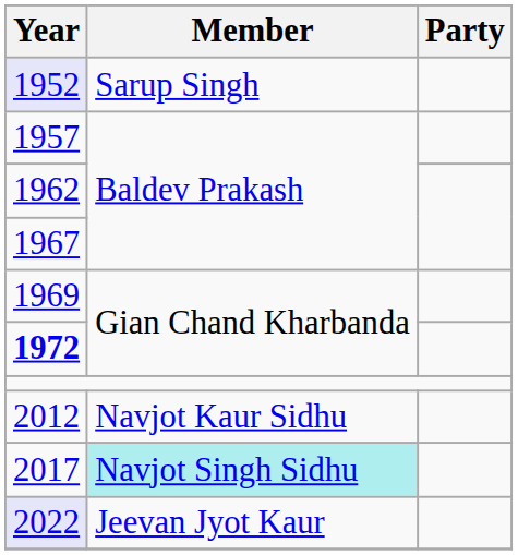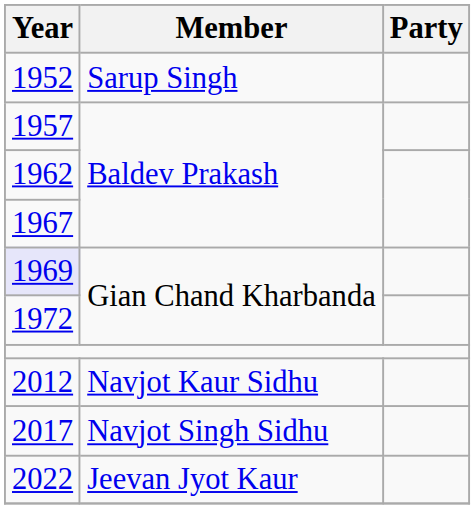 <table class ="wikitable">
 <tr>
 <th>Year</th>
 <th>Member</th>
 <th colspan=2>Party</th>
 </tr>
 <tr>
-<td style="background: lavender;"><a href='#'>1952</a></td>
+<td><a href='#'>1952</a></td>
 <td><a href='#'>Sarup Singh</a></td>
 <td></td>
 </tr>
 <tr>
 <td><a href='#'>1957</a></td>
 <td rowspan="3"><a href='#'>Baldev Prakash</a></td>
 <td></td>
 </tr>
 <tr>
 <td><a href='#'>1962</a></td>
 </tr>
 <tr>
 <td><a href='#'>1967</a></td>
 </tr>
 <tr>
-<td><a href='#'>1969</a></td>
+<td style="background: lavender;"><a href='#'>1969</a></td>
 <td rowspan="2">Gian Chand Kharbanda</td>
 <td></td>
 </tr>
 <tr>
-<td><strong><a href='#'>1972</a></strong></td>
+<td><a href='#'>1972</a></td>
 </tr>
 <tr>
 <td colspan="4"></td>
 </tr>
 <tr>
 <td><a href='#'>2012</a></td>
 <td><a href='#'>Navjot Kaur Sidhu</a></td>
 <td></td>
 </tr>
 <tr>
 <td><a href='#'>2017</a></td>
-<td style="background: paleturquoise;"><a href='#'>Navjot Singh Sidhu</a></td>
+<td><a href='#'>Navjot Singh Sidhu</a></td>
 <td></td>
 </tr>
 <tr>
-<td style="background: lavender;"><a href='#'>2022</a></td>
+<td><a href='#'>2022</a></td>
 <td><a href='#'>Jeevan Jyot Kaur</a></td>
 <td></td>
 </tr>
 <tr>
 </tr>
 </table>
